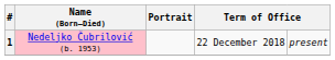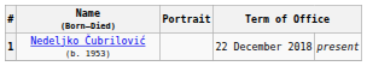 <table class="wikitable" style="text-align:center">
 <tr ->
 <th>#</th>
 <th width=180>Name<br><small>(Born–Died)</small></th>
 <th>Portrait</th>
 <th colspan=2>Term of Office</th>
 </tr>
 <tr ->
 <th align=center style="background: ">1</th>
-<td style="background: pink;"><a href='#'>Nedeljko Čubrilović</a><br><small>(b. 1953)</small></td>
+<td><a href='#'>Nedeljko Čubrilović</a><br><small>(b. 1953)</small></td>
 <td></td>
 <td>22 December 2018</td>
 <td><em>present</em></td>
 </tr>
 <tr ->
 </tr>
 </table>
